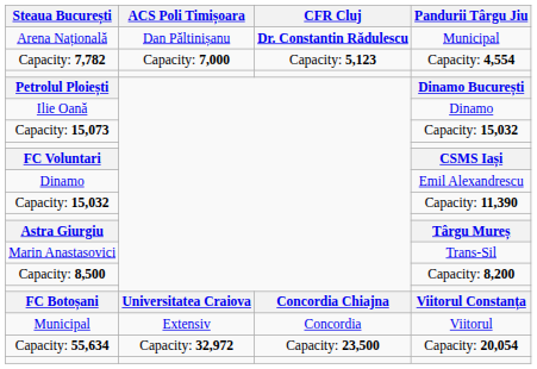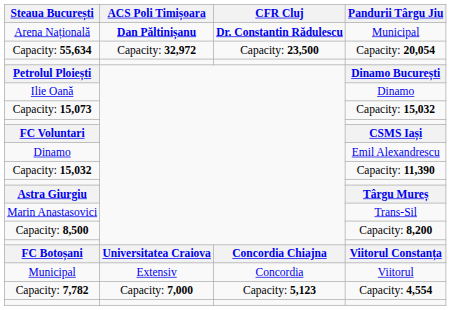 <table class="wikitable" style="text-align:center;margin:0.5em auto;">
 <tr>
 <th><a href='#'>Steaua București</a></th>
 <th><a href='#'>ACS Poli Timișoara</a></th>
 <th><a href='#'>CFR Cluj</a></th>
 <th><a href='#'>Pandurii Târgu Jiu</a></th>
 </tr>
 <tr>
 <td><a href='#'>Arena Națională</a></td>
-<td><a href='#'>Dan Păltinișanu</a></td>
+<td><strong><a href='#'>Dan Păltinișanu</a></strong></td>
 <td><strong><a href='#'>Dr. Constantin Rădulescu</a></strong></td>
 <td><a href='#'>Municipal</a></td>
 </tr>
 <tr>
-<td>Capacity: <strong>7,782</strong></td>
-<td>Capacity: <strong>7,000</strong></td>
-<td>Capacity: <strong>5,123</strong></td>
-<td>Capacity: <strong>4,554</strong></td>
+<td>Capacity: <strong>55,634</strong></td>
+<td>Capacity: <strong>32,972</strong></td>
+<td>Capacity: <strong>23,500</strong></td>
+<td>Capacity: <strong>20,054</strong></td>
 </tr>
 <tr>
 <td></td>
 <td></td>
 <td></td>
 <td></td>
 </tr>
 <tr>
 <th><a href='#'>Petrolul Ploiești</a></th>
 <td colspan="2" rowspan="12"><br> </td>
 <th><a href='#'>Dinamo București</a></th>
 </tr>
 <tr>
 <td><a href='#'>Ilie Oană</a></td>
 <td><a href='#'>Dinamo</a></td>
 </tr>
 <tr>
 <td>Capacity: <strong>15,073</strong></td>
 <td>Capacity: <strong>15,032</strong></td>
 </tr>
 <tr>
 <td></td>
 <td></td>
 </tr>
 <tr>
 <th><a href='#'>FC Voluntari</a></th>
 <th><a href='#'>CSMS Iași</a></th>
 </tr>
 <tr>
 <td><a href='#'>Dinamo</a></td>
 <td><a href='#'>Emil Alexandrescu</a></td>
 </tr>
 <tr>
 <td>Capacity: <strong>15,032</strong></td>
 <td>Capacity: <strong>11,390</strong></td>
 </tr>
 <tr>
 <td></td>
 <td></td>
 </tr>
 <tr>
 <th><a href='#'>Astra Giurgiu</a></th>
 <th><a href='#'>Târgu Mureș</a></th>
 </tr>
 <tr>
 <td><a href='#'>Marin Anastasovici</a></td>
 <td><a href='#'>Trans-Sil</a></td>
 </tr>
 <tr>
 <td>Capacity: <strong>8,500</strong></td>
 <td>Capacity: <strong>8,200</strong></td>
 </tr>
 <tr>
 <td></td>
 <td></td>
 </tr>
 <tr>
 <th><a href='#'>FC Botoșani</a></th>
 <th><a href='#'>Universitatea Craiova</a></th>
 <th><a href='#'>Concordia Chiajna</a></th>
 <th><a href='#'>Viitorul Constanța</a></th>
 </tr>
 <tr>
 <td><a href='#'>Municipal</a></td>
 <td><a href='#'>Extensiv</a></td>
 <td><a href='#'>Concordia</a></td>
 <td><a href='#'>Viitorul</a></td>
 </tr>
 <tr>
-<td>Capacity: <strong>55,634</strong></td>
-<td>Capacity: <strong>32,972</strong></td>
-<td>Capacity: <strong>23,500</strong></td>
-<td>Capacity: <strong>20,054</strong></td>
+<td>Capacity: <strong>7,782</strong></td>
+<td>Capacity: <strong>7,000</strong></td>
+<td>Capacity: <strong>5,123</strong></td>
+<td>Capacity: <strong>4,554</strong></td>
 </tr>
 <tr>
 <td></td>
 <td></td>
 <td></td>
 <td></td>
 </tr>
 </table>
